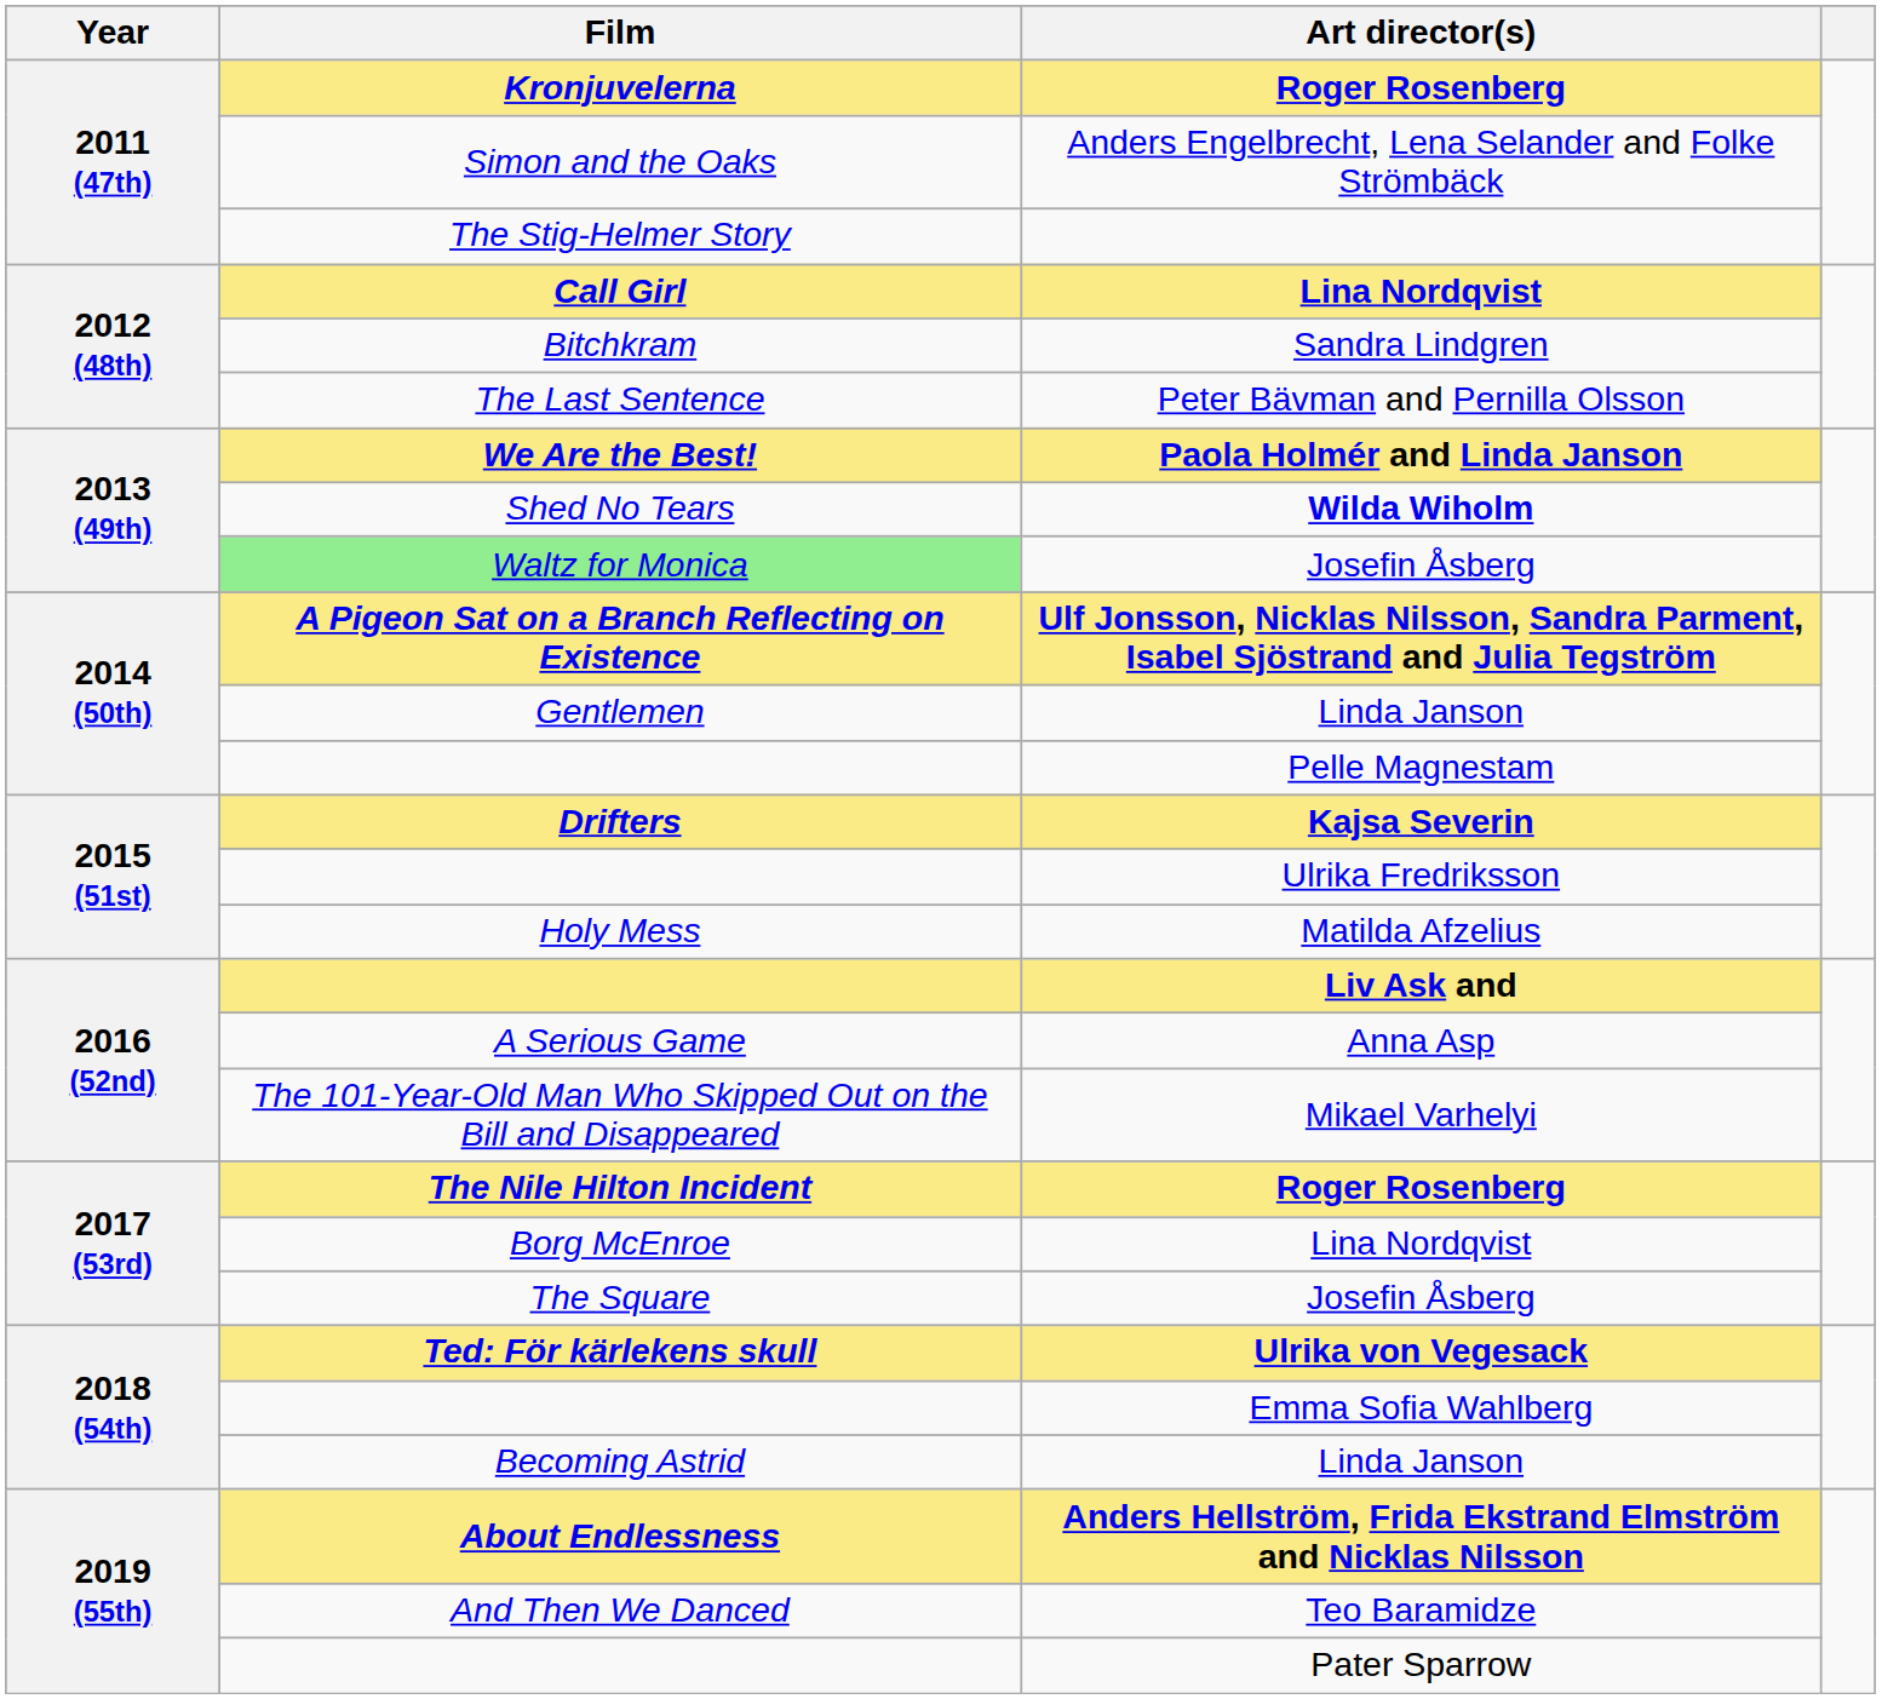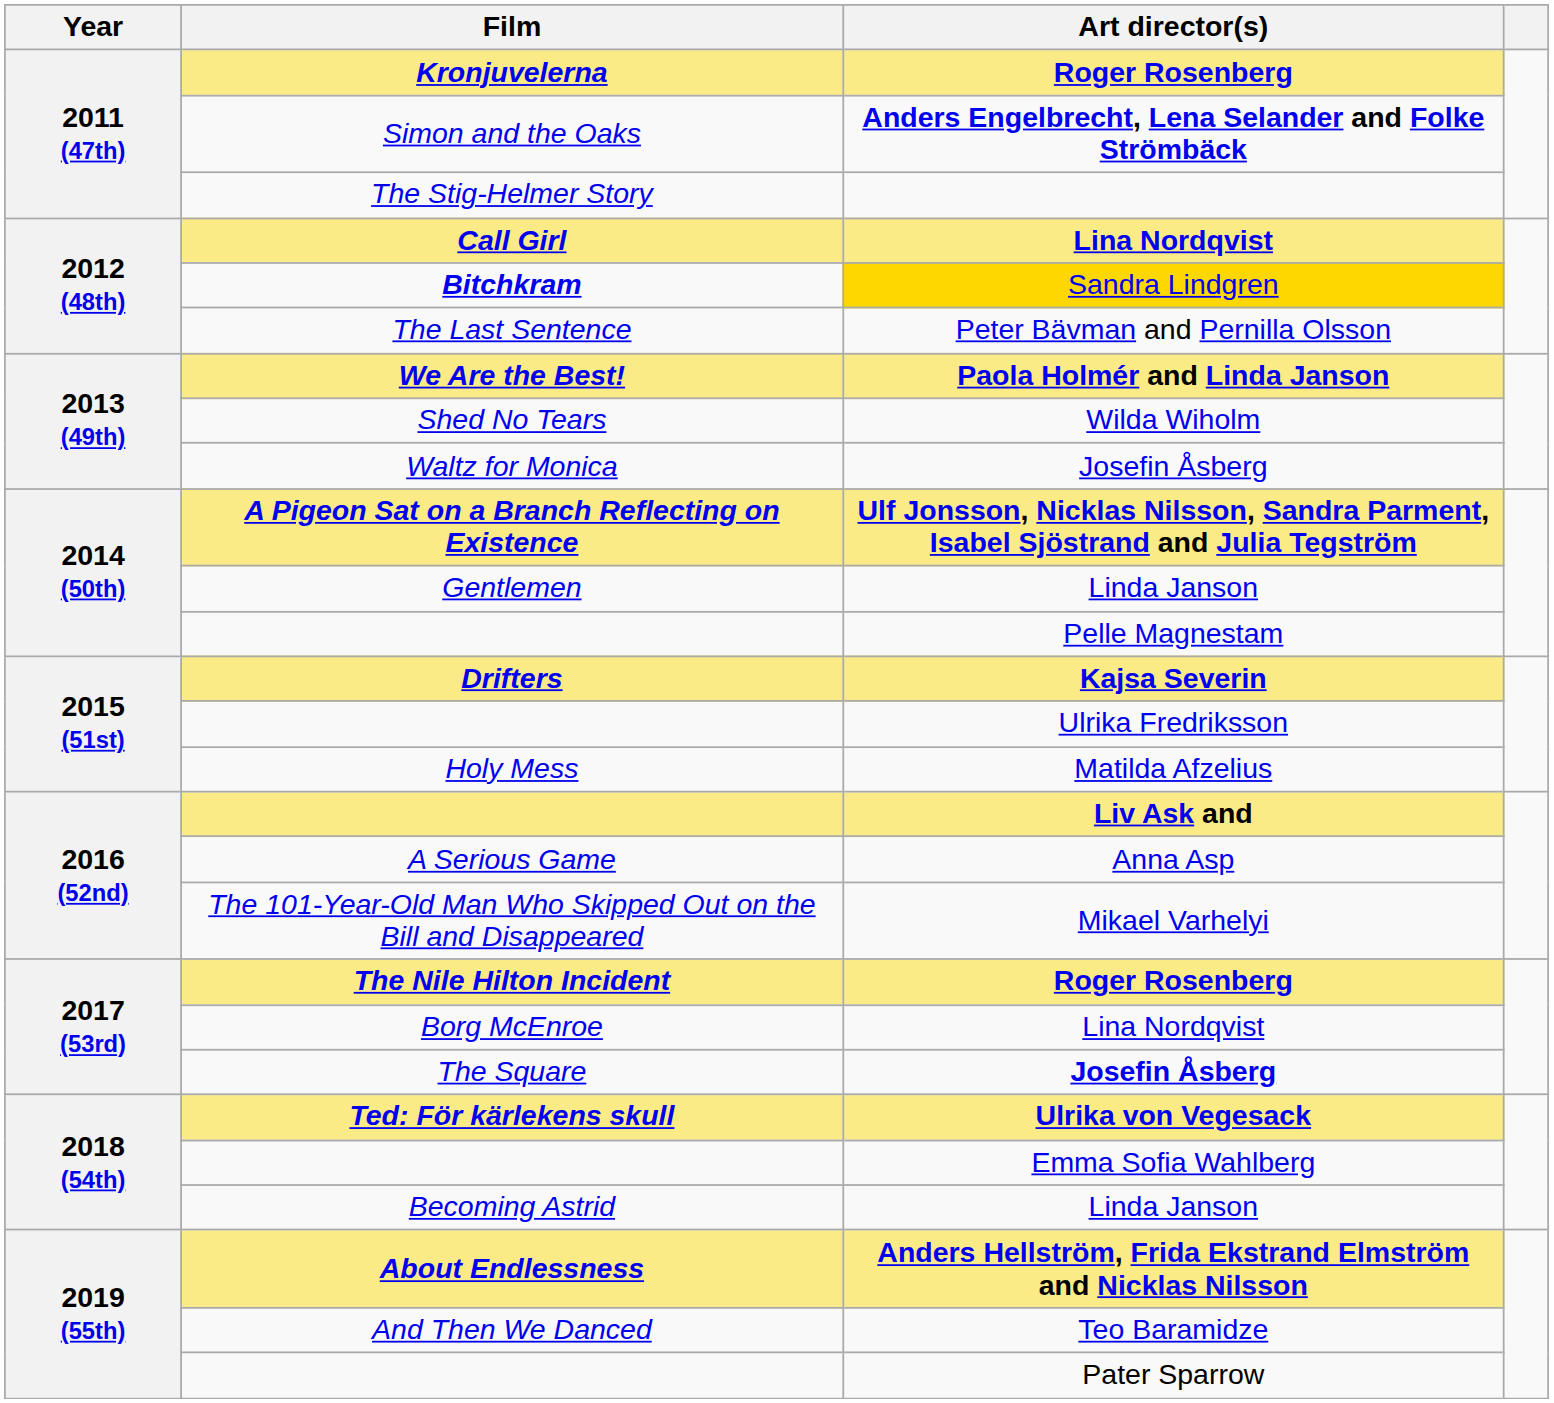 <table class="wikitable" style="text-align:center;">
 <tr>
 <th scope="col" style="width:8%;">Year</th>
 <th scope="col" style="width:30%;">Film</th>
 <th scope="col" style="width:30%;">Art director(s)</th>
 <th scope="col" style="width:2%;" class="unsortable"></th>
 </tr>
 <tr>
 <th scope="row" rowspan="3" style="text-align:center"><strong>2011</strong><br><small><a href='#'>(47th)</a></small></th>
 <td style="background:#FAEB86"><strong><em><a href='#'>Kronjuvelerna</a></em></strong></td>
 <td style="background:#FAEB86"><strong><a href='#'>Roger Rosenberg</a></strong></td>
 <td rowspan="3"></td>
 </tr>
 <tr>
 <td><em><a href='#'>Simon and the Oaks</a></em></td>
-<td><a href='#'>Anders Engelbrecht</a>, <a href='#'>Lena Selander</a> and <a href='#'>Folke Strömbäck</a></td>
+<td><strong><a href='#'>Anders Engelbrecht</a>, <a href='#'>Lena Selander</a> and <a href='#'>Folke Strömbäck</a></strong></td>
 </tr>
 <tr>
 <td><em><a href='#'>The Stig-Helmer Story</a></em></td>
 <td></td>
 </tr>
 <tr>
 <th scope="row" rowspan="3" style="text-align:center"><strong>2012</strong><br><small><a href='#'>(48th)</a></small></th>
 <td style="background:#FAEB86"><strong><em><a href='#'>Call Girl</a></em></strong></td>
 <td style="background:#FAEB86"><strong><a href='#'>Lina Nordqvist</a></strong></td>
 <td rowspan="3"></td>
 </tr>
 <tr>
-<td><em><a href='#'>Bitchkram</a></em></td>
-<td><a href='#'>Sandra Lindgren</a></td>
+<td><strong><em><a href='#'>Bitchkram</a></em></strong></td>
+<td style="background: gold;"><a href='#'>Sandra Lindgren</a></td>
 </tr>
 <tr>
 <td><em><a href='#'>The Last Sentence</a></em></td>
 <td><a href='#'>Peter Bävman</a> and <a href='#'>Pernilla Olsson</a></td>
 </tr>
 <tr>
 <th scope="row" rowspan="3" style="text-align:center"><strong>2013</strong><br><small><a href='#'>(49th)</a></small></th>
 <td style="background:#FAEB86"><strong><em><a href='#'>We Are the Best!</a></em></strong></td>
 <td style="background:#FAEB86"><strong><a href='#'>Paola Holmér</a> and <a href='#'>Linda Janson</a></strong></td>
 <td rowspan="3"></td>
 </tr>
 <tr>
 <td><em><a href='#'>Shed No Tears</a></em></td>
-<td><strong><a href='#'>Wilda Wiholm</a></strong></td>
+<td><a href='#'>Wilda Wiholm</a></td>
 </tr>
 <tr>
-<td style="background: lightgreen;"><em><a href='#'>Waltz for Monica</a></em></td>
+<td><em><a href='#'>Waltz for Monica</a></em></td>
 <td><a href='#'>Josefin Åsberg</a></td>
 </tr>
 <tr>
 <th scope="row" rowspan="3" style="text-align:center"><strong>2014</strong><br><small><a href='#'>(50th)</a></small></th>
 <td style="background:#FAEB86"><strong><em><a href='#'>A Pigeon Sat on a Branch Reflecting on Existence</a></em></strong></td>
 <td style="background:#FAEB86"><strong><a href='#'>Ulf Jonsson</a>, <a href='#'>Nicklas Nilsson</a>, <a href='#'>Sandra Parment</a>, <a href='#'>Isabel Sjöstrand</a> and <a href='#'>Julia Tegström</a></strong></td>
 <td rowspan="3"></td>
 </tr>
 <tr>
 <td><em><a href='#'>Gentlemen</a></em></td>
 <td><a href='#'>Linda Janson</a></td>
 </tr>
 <tr>
 <td><em></em></td>
 <td><a href='#'>Pelle Magnestam</a></td>
 </tr>
 <tr>
 <th scope="row" rowspan="3" style="text-align:center"><strong>2015</strong><br><small><a href='#'>(51st)</a></small></th>
 <td style="background:#FAEB86"><strong><em><a href='#'>Drifters</a></em></strong></td>
 <td style="background:#FAEB86"><strong><a href='#'>Kajsa Severin</a></strong></td>
 <td rowspan="3"></td>
 </tr>
 <tr>
 <td><em></em></td>
 <td><a href='#'>Ulrika Fredriksson</a></td>
 </tr>
 <tr>
 <td><em><a href='#'>Holy Mess</a></em></td>
 <td><a href='#'>Matilda Afzelius</a></td>
 </tr>
 <tr>
 <th scope="row" rowspan="3" style="text-align:center"><strong>2016</strong><br><small><a href='#'>(52nd)</a></small></th>
 <td style="background:#FAEB86"><strong><em></em></strong></td>
 <td style="background:#FAEB86"><strong><a href='#'>Liv Ask</a> and </strong></td>
 <td rowspan="3"></td>
 </tr>
 <tr>
 <td><em><a href='#'>A Serious Game</a></em></td>
 <td><a href='#'>Anna Asp</a></td>
 </tr>
 <tr>
 <td><em><a href='#'>The 101-Year-Old Man Who Skipped Out on the Bill and Disappeared</a></em></td>
 <td><a href='#'>Mikael Varhelyi</a></td>
 </tr>
 <tr>
 <th scope="row" rowspan="3" style="text-align:center"><strong>2017</strong><br><small><a href='#'>(53rd)</a></small></th>
 <td style="background:#FAEB86"><strong><em><a href='#'>The Nile Hilton Incident</a></em></strong></td>
 <td style="background:#FAEB86"><strong><a href='#'>Roger Rosenberg</a></strong></td>
 <td rowspan="3"></td>
 </tr>
 <tr>
 <td><em><a href='#'>Borg McEnroe</a></em></td>
 <td><a href='#'>Lina Nordqvist</a></td>
 </tr>
 <tr>
 <td><em><a href='#'>The Square</a></em></td>
-<td><a href='#'>Josefin Åsberg</a></td>
+<td><strong><a href='#'>Josefin Åsberg</a></strong></td>
 </tr>
 <tr>
 <th scope="row" rowspan="3" style="text-align:center"><strong>2018</strong><br><small><a href='#'>(54th)</a></small></th>
 <td style="background:#FAEB86"><strong><em><a href='#'>Ted: För kärlekens skull</a></em></strong></td>
 <td style="background:#FAEB86"><strong><a href='#'>Ulrika von Vegesack</a></strong></td>
 <td rowspan="3"></td>
 </tr>
 <tr>
 <td><em></em></td>
 <td><a href='#'>Emma Sofia Wahlberg</a></td>
 </tr>
 <tr>
 <td><em><a href='#'>Becoming Astrid</a></em></td>
 <td><a href='#'>Linda Janson</a></td>
 </tr>
 <tr>
 <th scope="row" rowspan="3" style="text-align:center"><strong>2019</strong><br><small><a href='#'>(55th)</a></small></th>
 <td style="background:#FAEB86"><strong><em><a href='#'>About Endlessness</a></em></strong></td>
 <td style="background:#FAEB86"><strong><a href='#'>Anders Hellström</a>, <a href='#'>Frida Ekstrand Elmström</a> and <a href='#'>Nicklas Nilsson</a></strong></td>
 <td rowspan="3"></td>
 </tr>
 <tr>
 <td><em><a href='#'>And Then We Danced</a></em></td>
 <td><a href='#'>Teo Baramidze</a></td>
 </tr>
 <tr>
 <td><em></em></td>
 <td>Pater Sparrow</td>
 </tr>
 </table>
